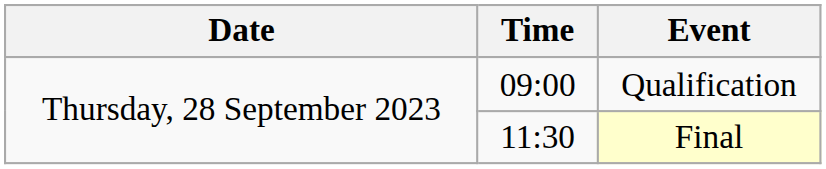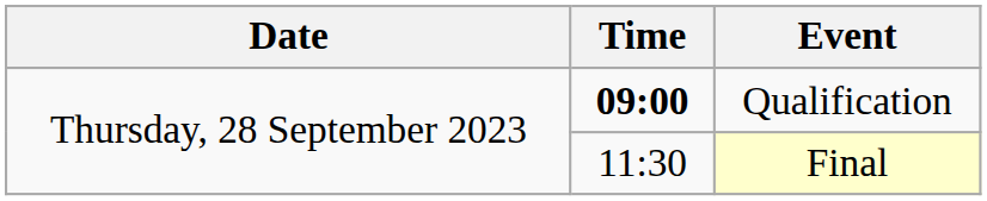 <table class = "wikitable" style="text-align:center;">
 <tr>
 <th width=220>Date</th>
 <th width=50>Time</th>
 <th width=100>Event</th>
 </tr>
 <tr>
 <td rowspan=2>Thursday, 28 September 2023</td>
-<td>09:00</td>
+<td><strong>09:00</strong></td>
 <td>Qualification</td>
 </tr>
 <tr>
 <td>11:30</td>
 <td bgcolor=ffffcc>Final</td>
 </tr>
 </table>
